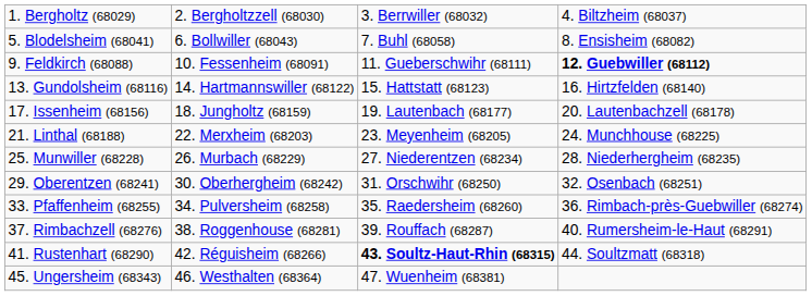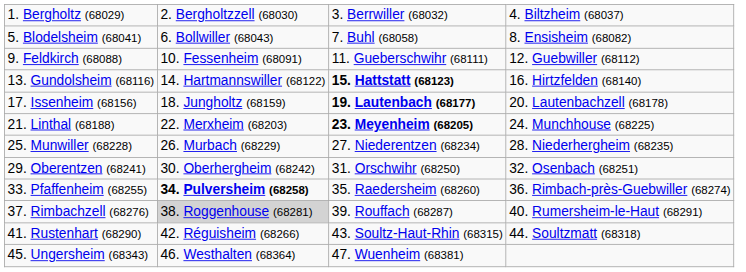 <table class="wikitable">
 <tr>
 <td>1. <a href='#'>Bergholtz</a> <small>(68029)</small></td>
 <td>2. <a href='#'>Bergholtzzell</a> <small>(68030)</small></td>
 <td>3. <a href='#'>Berrwiller</a> <small>(68032)</small></td>
 <td>4. <a href='#'>Biltzheim</a> <small>(68037)</small></td>
 </tr>
 <tr>
 <td>5. <a href='#'>Blodelsheim</a> <small>(68041)</small></td>
 <td>6. <a href='#'>Bollwiller</a> <small>(68043)</small></td>
 <td>7. <a href='#'>Buhl</a> <small>(68058)</small></td>
 <td>8. <a href='#'>Ensisheim</a> <small>(68082)</small></td>
 </tr>
 <tr>
 <td>9. <a href='#'>Feldkirch</a> <small>(68088)</small></td>
 <td>10. <a href='#'>Fessenheim</a> <small>(68091)</small></td>
 <td>11. <a href='#'>Gueberschwihr</a> <small>(68111)</small></td>
-<td><strong>12. <a href='#'>Guebwiller</a> <small>(68112)</small></strong></td>
+<td>12. <a href='#'>Guebwiller</a> <small>(68112)</small></td>
 </tr>
 <tr>
 <td>13. <a href='#'>Gundolsheim</a> <small>(68116)</small></td>
 <td>14. <a href='#'>Hartmannswiller</a> <small>(68122)</small></td>
-<td>15. <a href='#'>Hattstatt</a> <small>(68123)</small></td>
+<td><strong>15. <a href='#'>Hattstatt</a> <small>(68123)</small></strong></td>
 <td>16. <a href='#'>Hirtzfelden</a> <small>(68140)</small></td>
 </tr>
 <tr>
 <td>17. <a href='#'>Issenheim</a> <small>(68156)</small></td>
 <td>18. <a href='#'>Jungholtz</a> <small>(68159)</small></td>
-<td>19. <a href='#'>Lautenbach</a> <small>(68177)</small></td>
+<td><strong>19. <a href='#'>Lautenbach</a> <small>(68177)</small></strong></td>
 <td>20. <a href='#'>Lautenbachzell</a> <small>(68178)</small></td>
 </tr>
 <tr>
 <td>21. <a href='#'>Linthal</a> <small>(68188)</small></td>
 <td>22. <a href='#'>Merxheim</a> <small>(68203)</small></td>
-<td>23. <a href='#'>Meyenheim</a> <small>(68205)</small></td>
+<td><strong>23. <a href='#'>Meyenheim</a> <small>(68205)</small></strong></td>
 <td>24. <a href='#'>Munchhouse</a> <small>(68225)</small></td>
 </tr>
 <tr>
 <td>25. <a href='#'>Munwiller</a> <small>(68228)</small></td>
 <td>26. <a href='#'>Murbach</a> <small>(68229)</small></td>
 <td>27. <a href='#'>Niederentzen</a> <small>(68234)</small></td>
 <td>28. <a href='#'>Niederhergheim</a> <small>(68235)</small></td>
 </tr>
 <tr>
 <td>29. <a href='#'>Oberentzen</a> <small>(68241)</small></td>
 <td>30. <a href='#'>Oberhergheim</a> <small>(68242)</small></td>
 <td>31. <a href='#'>Orschwihr</a> <small>(68250)</small></td>
 <td>32. <a href='#'>Osenbach</a> <small>(68251)</small></td>
 </tr>
 <tr>
 <td>33. <a href='#'>Pfaffenheim</a> <small>(68255)</small></td>
-<td>34. <a href='#'>Pulversheim</a> <small>(68258)</small></td>
+<td><strong>34. <a href='#'>Pulversheim</a> <small>(68258)</small></strong></td>
 <td>35. <a href='#'>Raedersheim</a> <small>(68260)</small></td>
 <td>36. <a href='#'>Rimbach-près-Guebwiller</a> <small>(68274)</small></td>
 </tr>
 <tr>
 <td>37. <a href='#'>Rimbachzell</a> <small>(68276)</small></td>
-<td>38. <a href='#'>Roggenhouse</a> <small>(68281)</small></td>
+<td style="background: lightgrey;">38. <a href='#'>Roggenhouse</a> <small>(68281)</small></td>
 <td>39. <a href='#'>Rouffach</a> <small>(68287)</small></td>
 <td>40. <a href='#'>Rumersheim-le-Haut</a> <small>(68291)</small></td>
 </tr>
 <tr>
 <td>41. <a href='#'>Rustenhart</a> <small>(68290)</small></td>
 <td>42. <a href='#'>Réguisheim</a> <small>(68266)</small></td>
-<td><strong>43. <a href='#'>Soultz-Haut-Rhin</a> <small>(68315)</small></strong></td>
+<td>43. <a href='#'>Soultz-Haut-Rhin</a> <small>(68315)</small></td>
 <td>44. <a href='#'>Soultzmatt</a> <small>(68318)</small></td>
 </tr>
 <tr>
 <td>45. <a href='#'>Ungersheim</a> <small>(68343)</small></td>
 <td>46. <a href='#'>Westhalten</a> <small>(68364)</small></td>
 <td>47. <a href='#'>Wuenheim</a> <small>(68381)</small></td>
 <td></td>
 </tr>
 </table>
